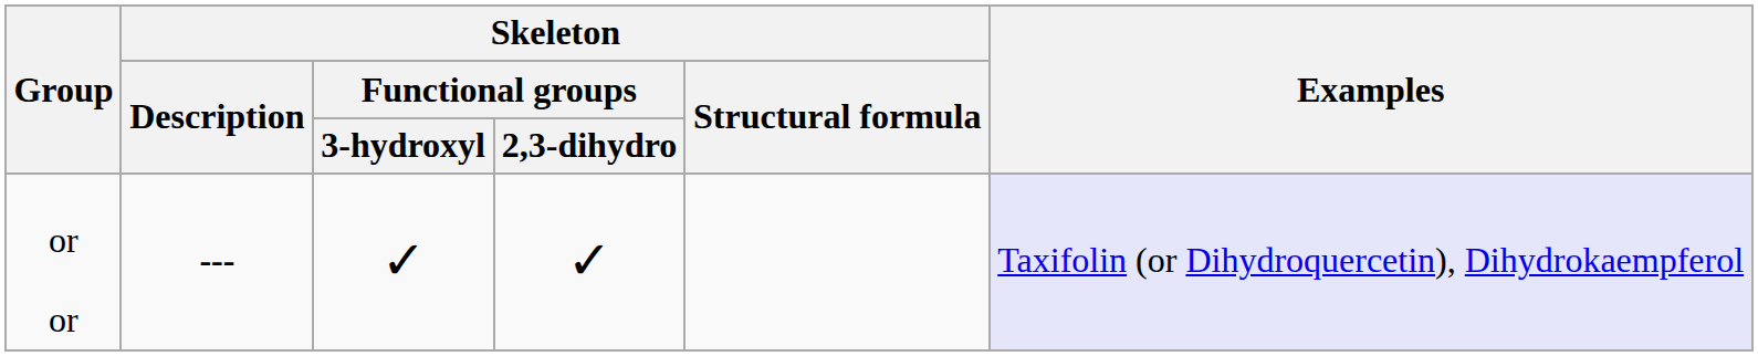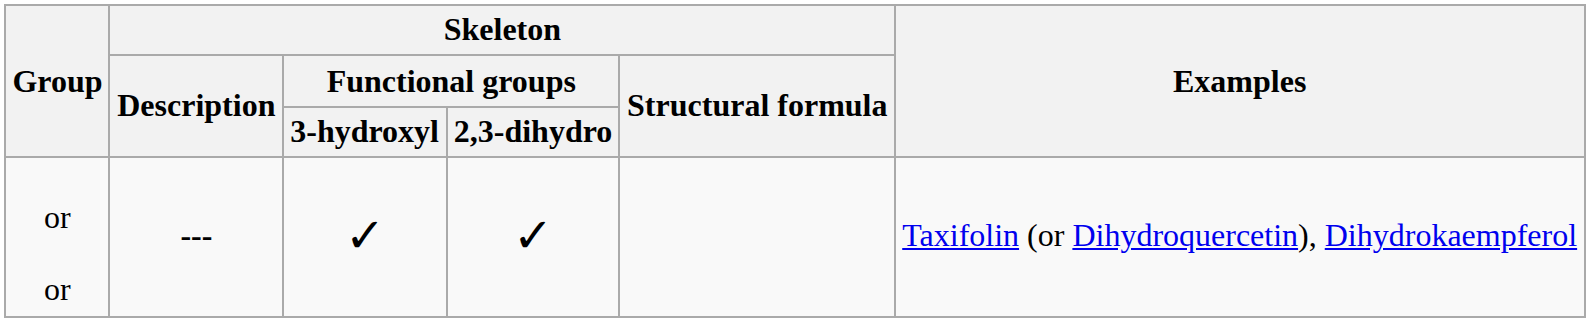 <table class="wikitable">
 <tr>
 <th rowspan=3>Group</th>
 <th colspan=4>Skeleton</th>
 <th rowspan=3>Examples</th>
 </tr>
 <tr>
 <th rowspan=2>Description</th>
 <th colspan=2>Functional groups</th>
 <th rowspan=2>Structural formula</th>
 </tr>
 <tr>
 <th>3-hydroxyl</th>
 <th>2,3-dihydro</th>
 </tr>
 <tr>
 <td style="text-align:center"><strong><a href='#'></a></strong><br>or<br><strong></strong><br>or<br><strong></strong></td>
 <td style="text-align:center"><strong>---</strong></td>
 <td style="text-align:center; font-size:x-large">✓</td>
 <td style="text-align:center; font-size:x-large">✓</td>
 <td></td>
-<td style="background: lavender;"><a href='#'>Taxifolin</a> (or <a href='#'>Dihydroquercetin</a>), <a href='#'>Dihydrokaempferol</a></td>
+<td><a href='#'>Taxifolin</a> (or <a href='#'>Dihydroquercetin</a>), <a href='#'>Dihydrokaempferol</a></td>
 </tr>
 </table>
